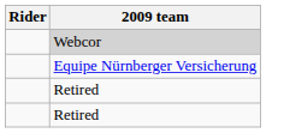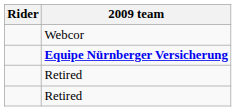 <table class="wikitable">
 <tr>
 <th>Rider</th>
 <th>2009 team</th>
 </tr>
 <tr>
 <td></td>
-<td style="background: lightgrey;">Webcor</td>
+<td>Webcor</td>
 </tr>
 <tr>
 <td></td>
-<td><a href='#'>Equipe Nürnberger Versicherung</a></td>
+<td><strong><a href='#'>Equipe Nürnberger Versicherung</a></strong></td>
 </tr>
 <tr>
 <td></td>
 <td>Retired</td>
 </tr>
 <tr>
 <td></td>
 <td>Retired</td>
 </tr>
 </table>
